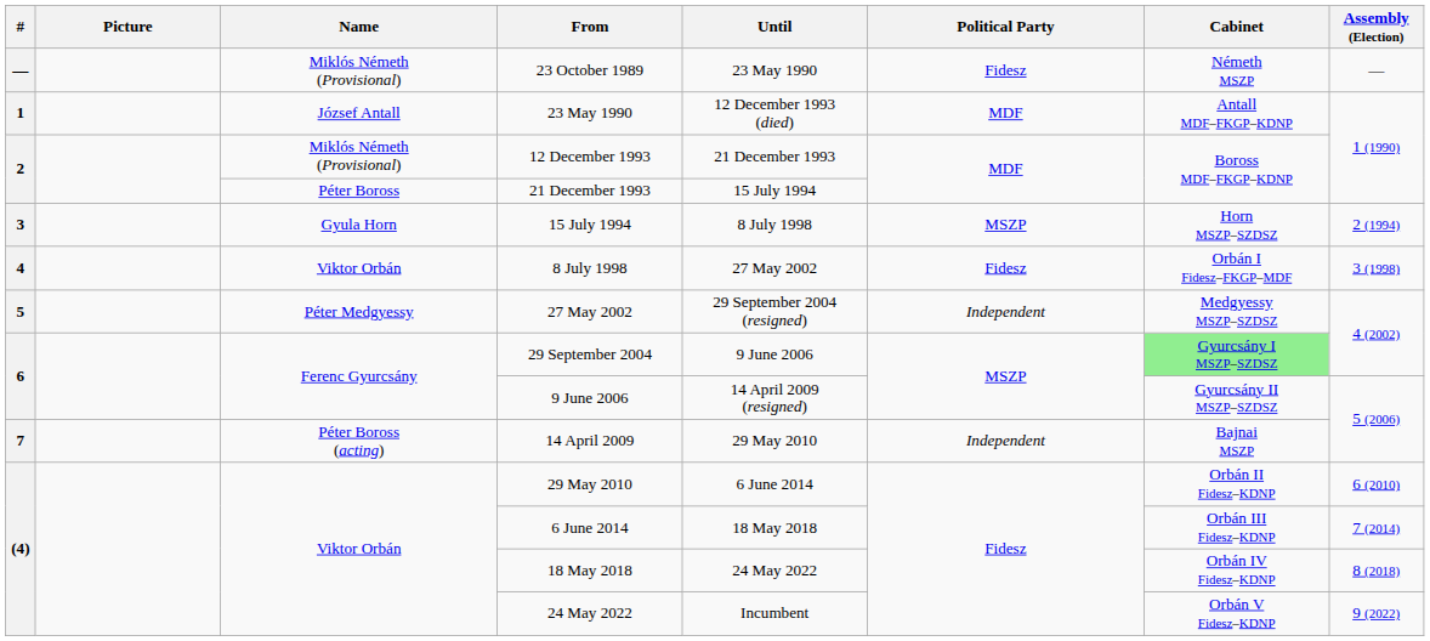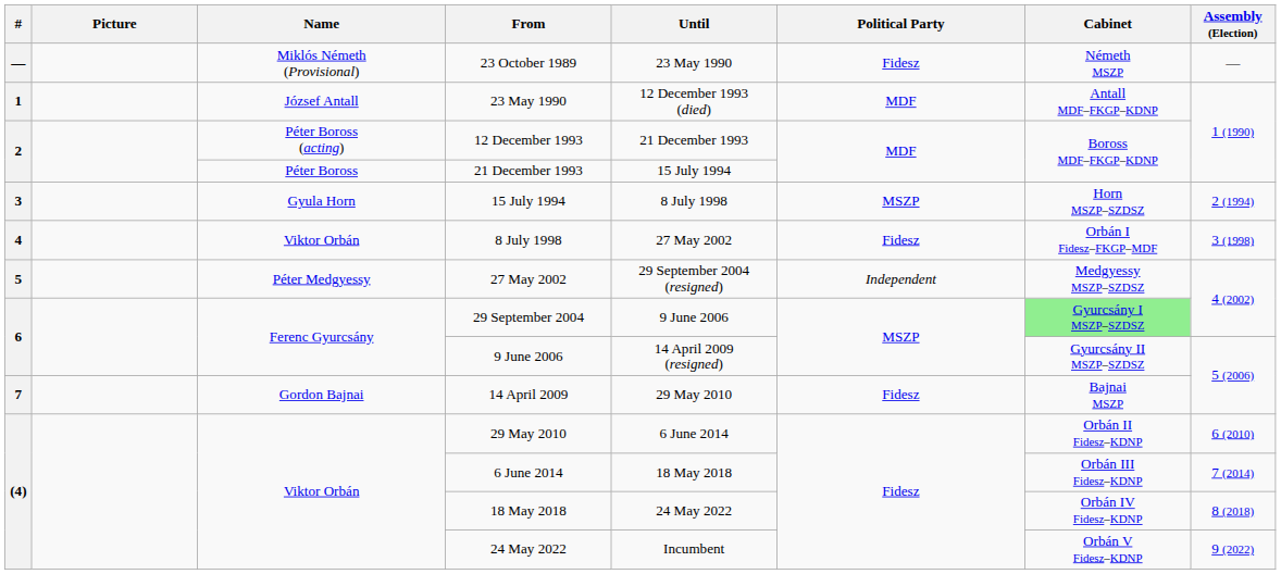 <table class="wikitable" style="text-align:center" width="90%">
 <tr>
 <th width="1%">#</th>
 <th width="10%">Picture</th>
 <th width="15%">Name</th>
 <th width="10%">From</th>
 <th width="10%">Until</th>
 <th width="15%">Political Party</th>
 <th width="10%">Cabinet</th>
 <th width="5%"><a href='#'>Assembly</a><br><small>(Election)</small></th>
 </tr>
 <tr>
 <th style="background:">—</th>
 <td></td>
 <td><a href='#'>Miklós Németh</a><br>(<em>Provisional</em>)</td>
 <td>23 October 1989</td>
 <td>23 May 1990</td>
 <td><a href='#'>Fidesz</a></td>
 <td><a href='#'>Németh</a><br><small><a href='#'>MSZP</a></small></td>
 <td>—</td>
 </tr>
 <tr>
 <th style="background:">1</th>
 <td></td>
 <td><a href='#'>József Antall</a></td>
 <td>23 May 1990</td>
 <td>12 December 1993<br>(<em>died</em>)</td>
 <td><a href='#'>MDF</a></td>
 <td><a href='#'>Antall</a><br><small><a href='#'>MDF</a>–<a href='#'>FKGP</a>–<a href='#'>KDNP</a></small></td>
 <td rowspan="3"><a href='#'>1 <small>(1990)</small></a></td>
 </tr>
 <tr>
 <th rowspan="2" style="background:">2</th>
 <td rowspan="2"></td>
-<td><a href='#'>Miklós Németh</a><br>(<em>Provisional</em>)</td>
+<td><a href='#'>Péter Boross</a><br>(<em><a href='#'>acting</a></em>)</td>
 <td>12 December 1993</td>
 <td>21 December 1993</td>
 <td rowspan="2"><a href='#'>MDF</a></td>
 <td rowspan="2"><a href='#'>Boross</a><br><small><a href='#'>MDF</a>–<a href='#'>FKGP</a>–<a href='#'>KDNP</a></small></td>
 </tr>
 <tr>
 <td><a href='#'>Péter Boross</a></td>
 <td>21 December 1993</td>
 <td>15 July 1994</td>
 </tr>
 <tr>
 <th style="background:">3</th>
 <td></td>
 <td><a href='#'>Gyula Horn</a></td>
 <td>15 July 1994</td>
 <td>8 July 1998</td>
 <td><a href='#'>MSZP</a></td>
 <td><a href='#'>Horn</a><br><small><a href='#'>MSZP</a>–<a href='#'>SZDSZ</a></small></td>
 <td><a href='#'>2 <small>(1994)</small></a></td>
 </tr>
 <tr>
 <th style="background:">4</th>
 <td></td>
 <td><a href='#'>Viktor Orbán</a></td>
 <td>8 July 1998</td>
 <td>27 May 2002</td>
 <td><a href='#'>Fidesz</a></td>
 <td><a href='#'>Orbán I</a><br><small><a href='#'>Fidesz</a>–<a href='#'>FKGP</a>–<a href='#'>MDF</a></small></td>
 <td><a href='#'>3 <small>(1998)</small></a></td>
 </tr>
 <tr>
 <th style="background:">5</th>
 <td></td>
 <td><a href='#'>Péter Medgyessy</a></td>
 <td>27 May 2002</td>
 <td>29 September 2004<br>(<em>resigned</em>)</td>
 <td><em>Independent</em></td>
 <td><a href='#'>Medgyessy</a><br><small><a href='#'>MSZP</a>–<a href='#'>SZDSZ</a></small></td>
 <td rowspan="2"><a href='#'>4 <small>(2002)</small></a></td>
 </tr>
 <tr>
 <th rowspan="2" style="background:">6</th>
 <td rowspan="2"></td>
 <td rowspan="2"><a href='#'>Ferenc Gyurcsány</a></td>
 <td>29 September 2004</td>
 <td>9 June 2006</td>
 <td rowspan="2"><a href='#'>MSZP</a></td>
 <td style="background: lightgreen;"><a href='#'>Gyurcsány I</a><br><small><a href='#'>MSZP</a>–<a href='#'>SZDSZ</a></small></td>
 </tr>
 <tr>
 <td>9 June 2006</td>
 <td>14 April 2009<br>(<em>resigned</em>)</td>
 <td><a href='#'>Gyurcsány II</a><br><small><a href='#'>MSZP</a>–<a href='#'>SZDSZ</a></small></td>
 <td rowspan="2"><a href='#'>5 <small>(2006)</small></a></td>
 </tr>
 <tr>
 <th style="background:">7</th>
 <td></td>
-<td><a href='#'>Péter Boross</a><br>(<em><a href='#'>acting</a></em>)</td>
+<td><a href='#'>Gordon Bajnai</a></td>
 <td>14 April 2009</td>
 <td>29 May 2010</td>
-<td><em>Independent</em></td>
+<td><a href='#'>Fidesz</a></td>
 <td><a href='#'>Bajnai</a><br><small><a href='#'>MSZP</a></small></td>
 </tr>
 <tr>
 <th rowspan="4" style="background:">(4)</th>
 <td rowspan="4"></td>
 <td rowspan="4"><a href='#'>Viktor Orbán</a></td>
 <td>29 May 2010</td>
 <td>6 June 2014</td>
 <td rowspan="4"><a href='#'>Fidesz</a></td>
 <td><a href='#'>Orbán II</a><br><small><a href='#'>Fidesz</a>–<a href='#'>KDNP</a></small></td>
 <td><a href='#'>6 <small>(2010)</small></a></td>
 </tr>
 <tr>
 <td>6 June 2014</td>
 <td>18 May 2018</td>
 <td><a href='#'>Orbán III</a><br><small><a href='#'>Fidesz</a>–<a href='#'>KDNP</a></small></td>
 <td><a href='#'>7 <small>(2014)</small></a></td>
 </tr>
 <tr>
 <td>18 May 2018</td>
 <td>24 May 2022</td>
 <td><a href='#'>Orbán IV</a><br><small><a href='#'>Fidesz</a>–<a href='#'>KDNP</a></small></td>
 <td><a href='#'>8 <small>(2018)</small></a></td>
 </tr>
 <tr>
 <td>24 May 2022</td>
 <td>Incumbent</td>
 <td><a href='#'>Orbán V</a><br><small><a href='#'>Fidesz</a>–<a href='#'>KDNP</a></small></td>
 <td><a href='#'>9 <small>(2022)</small></a></td>
 </tr>
 </table>
